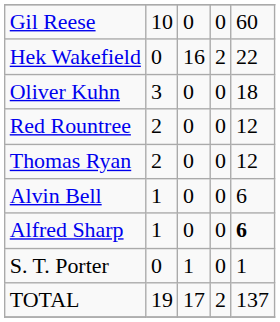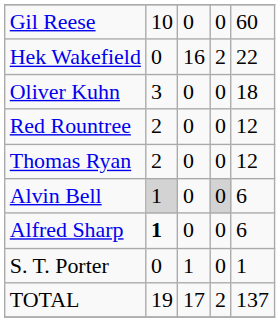 <table class="wikitable">
 <tr>
 </tr>
 <tr>
 <td><a href='#'>Gil Reese</a></td>
 <td>10</td>
 <td>0</td>
 <td>0</td>
 <td>60</td>
 </tr>
 <tr>
 <td><a href='#'>Hek Wakefield</a></td>
 <td>0</td>
 <td>16</td>
 <td>2</td>
 <td>22</td>
 </tr>
 <tr>
 <td><a href='#'>Oliver Kuhn</a></td>
 <td>3</td>
 <td>0</td>
 <td>0</td>
 <td>18</td>
 </tr>
 <tr>
 <td><a href='#'>Red Rountree</a></td>
 <td>2</td>
 <td>0</td>
 <td>0</td>
 <td>12</td>
 </tr>
 <tr>
 <td><a href='#'>Thomas Ryan</a></td>
 <td>2</td>
 <td>0</td>
 <td>0</td>
 <td>12</td>
 </tr>
 <tr>
 <td><a href='#'>Alvin Bell</a></td>
-<td>1</td>
+<td style="background: lightgrey;">1</td>
 <td>0</td>
-<td>0</td>
+<td style="background: lightgrey;">0</td>
 <td>6</td>
 </tr>
 <tr>
 <td><a href='#'>Alfred Sharp</a></td>
-<td>1</td>
+<td><strong>1</strong></td>
 <td>0</td>
 <td>0</td>
-<td><strong>6</strong></td>
+<td>6</td>
 </tr>
 <tr>
 <td>S. T. Porter</td>
 <td>0</td>
 <td>1</td>
 <td>0</td>
 <td>1</td>
 </tr>
 <tr>
 <td>TOTAL</td>
 <td>19</td>
 <td>17</td>
 <td>2</td>
 <td>137</td>
 </tr>
 <tr>
 </tr>
 </table>
